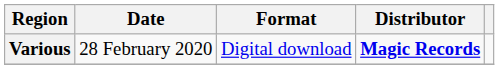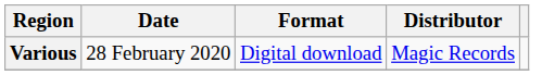 <table class="wikitable plainrowheaders">
 <tr>
 <th>Region</th>
 <th>Date</th>
 <th>Format</th>
 <th>Distributor</th>
 <th></th>
 </tr>
 <tr>
 <th scope="row">Various</th>
 <td>28 February 2020</td>
 <td><a href='#'>Digital download</a></td>
-<td><strong><a href='#'>Magic Records</a></strong></td>
+<td><a href='#'>Magic Records</a></td>
 <td></td>
 </tr>
 <tr>
 </tr>
 </table>
